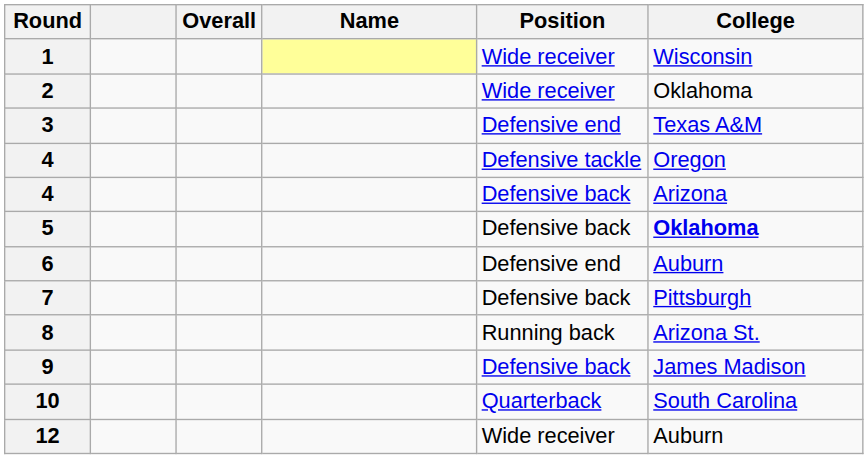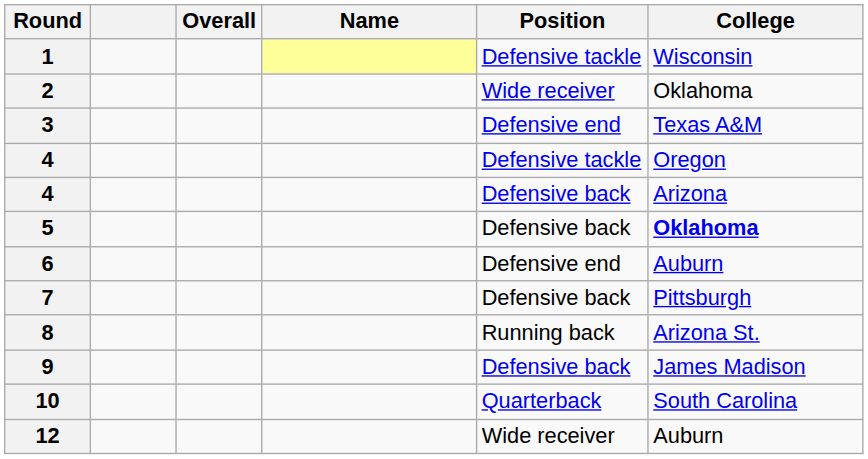 <table class="wikitable sortable" style="width: 50%;">
 <tr>
 <th scope="col" style="width: 10%;">Round</th>
 <th scope="col" style="width: 10%;"></th>
 <th scope="col" style="width: 10%;">Overall</th>
 <th scope="col" style="width: 25%;">Name</th>
 <th scope="col" style="width: 20%;">Position</th>
 <th scope="col" style="width: 25%;">College</th>
 </tr>
 <tr>
 <th scope="row">1</th>
 <td></td>
 <td></td>
 <td style="background:#FFFF99;"> <sup></sup></td>
-<td><a href='#'>Wide receiver</a></td>
+<td><a href='#'>Defensive tackle</a></td>
 <td><a href='#'>Wisconsin</a></td>
 </tr>
 <tr>
 <th scope="row">2</th>
 <td></td>
 <td></td>
 <td></td>
 <td><a href='#'>Wide receiver</a></td>
 <td>Oklahoma</td>
 </tr>
 <tr>
 <th scope="row">3</th>
 <td></td>
 <td></td>
 <td></td>
 <td><a href='#'>Defensive end</a></td>
 <td><a href='#'>Texas A&M</a></td>
 </tr>
 <tr>
 <th scope="row">4</th>
 <td></td>
 <td></td>
 <td></td>
 <td><a href='#'>Defensive tackle</a></td>
 <td><a href='#'>Oregon</a></td>
 </tr>
 <tr>
 <th scope="row">4</th>
 <td></td>
 <td></td>
 <td></td>
 <td><a href='#'>Defensive back</a></td>
 <td><a href='#'>Arizona</a></td>
 </tr>
 <tr>
 <th scope="row">5</th>
 <td></td>
 <td></td>
 <td></td>
 <td>Defensive back</td>
 <td><strong><a href='#'>Oklahoma</a></strong></td>
 </tr>
 <tr>
 <th scope="row">6</th>
 <td></td>
 <td></td>
 <td></td>
 <td>Defensive end</td>
 <td><a href='#'>Auburn</a></td>
 </tr>
 <tr>
 <th scope="row">7</th>
 <td></td>
 <td></td>
 <td></td>
 <td>Defensive back</td>
 <td><a href='#'>Pittsburgh</a></td>
 </tr>
 <tr>
 <th scope="row">8</th>
 <td></td>
 <td></td>
 <td></td>
 <td>Running back</td>
 <td><a href='#'>Arizona St.</a></td>
 </tr>
 <tr>
 <th scope="row">9</th>
 <td></td>
 <td></td>
 <td></td>
 <td><a href='#'>Defensive back</a></td>
 <td><a href='#'>James Madison</a></td>
 </tr>
 <tr>
 <th scope="row">10</th>
 <td></td>
 <td></td>
 <td></td>
 <td><a href='#'>Quarterback</a></td>
 <td><a href='#'>South Carolina</a></td>
 </tr>
 <tr>
 <th scope="row">12</th>
 <td></td>
 <td></td>
 <td></td>
 <td>Wide receiver</td>
 <td>Auburn</td>
 </tr>
 </table>
